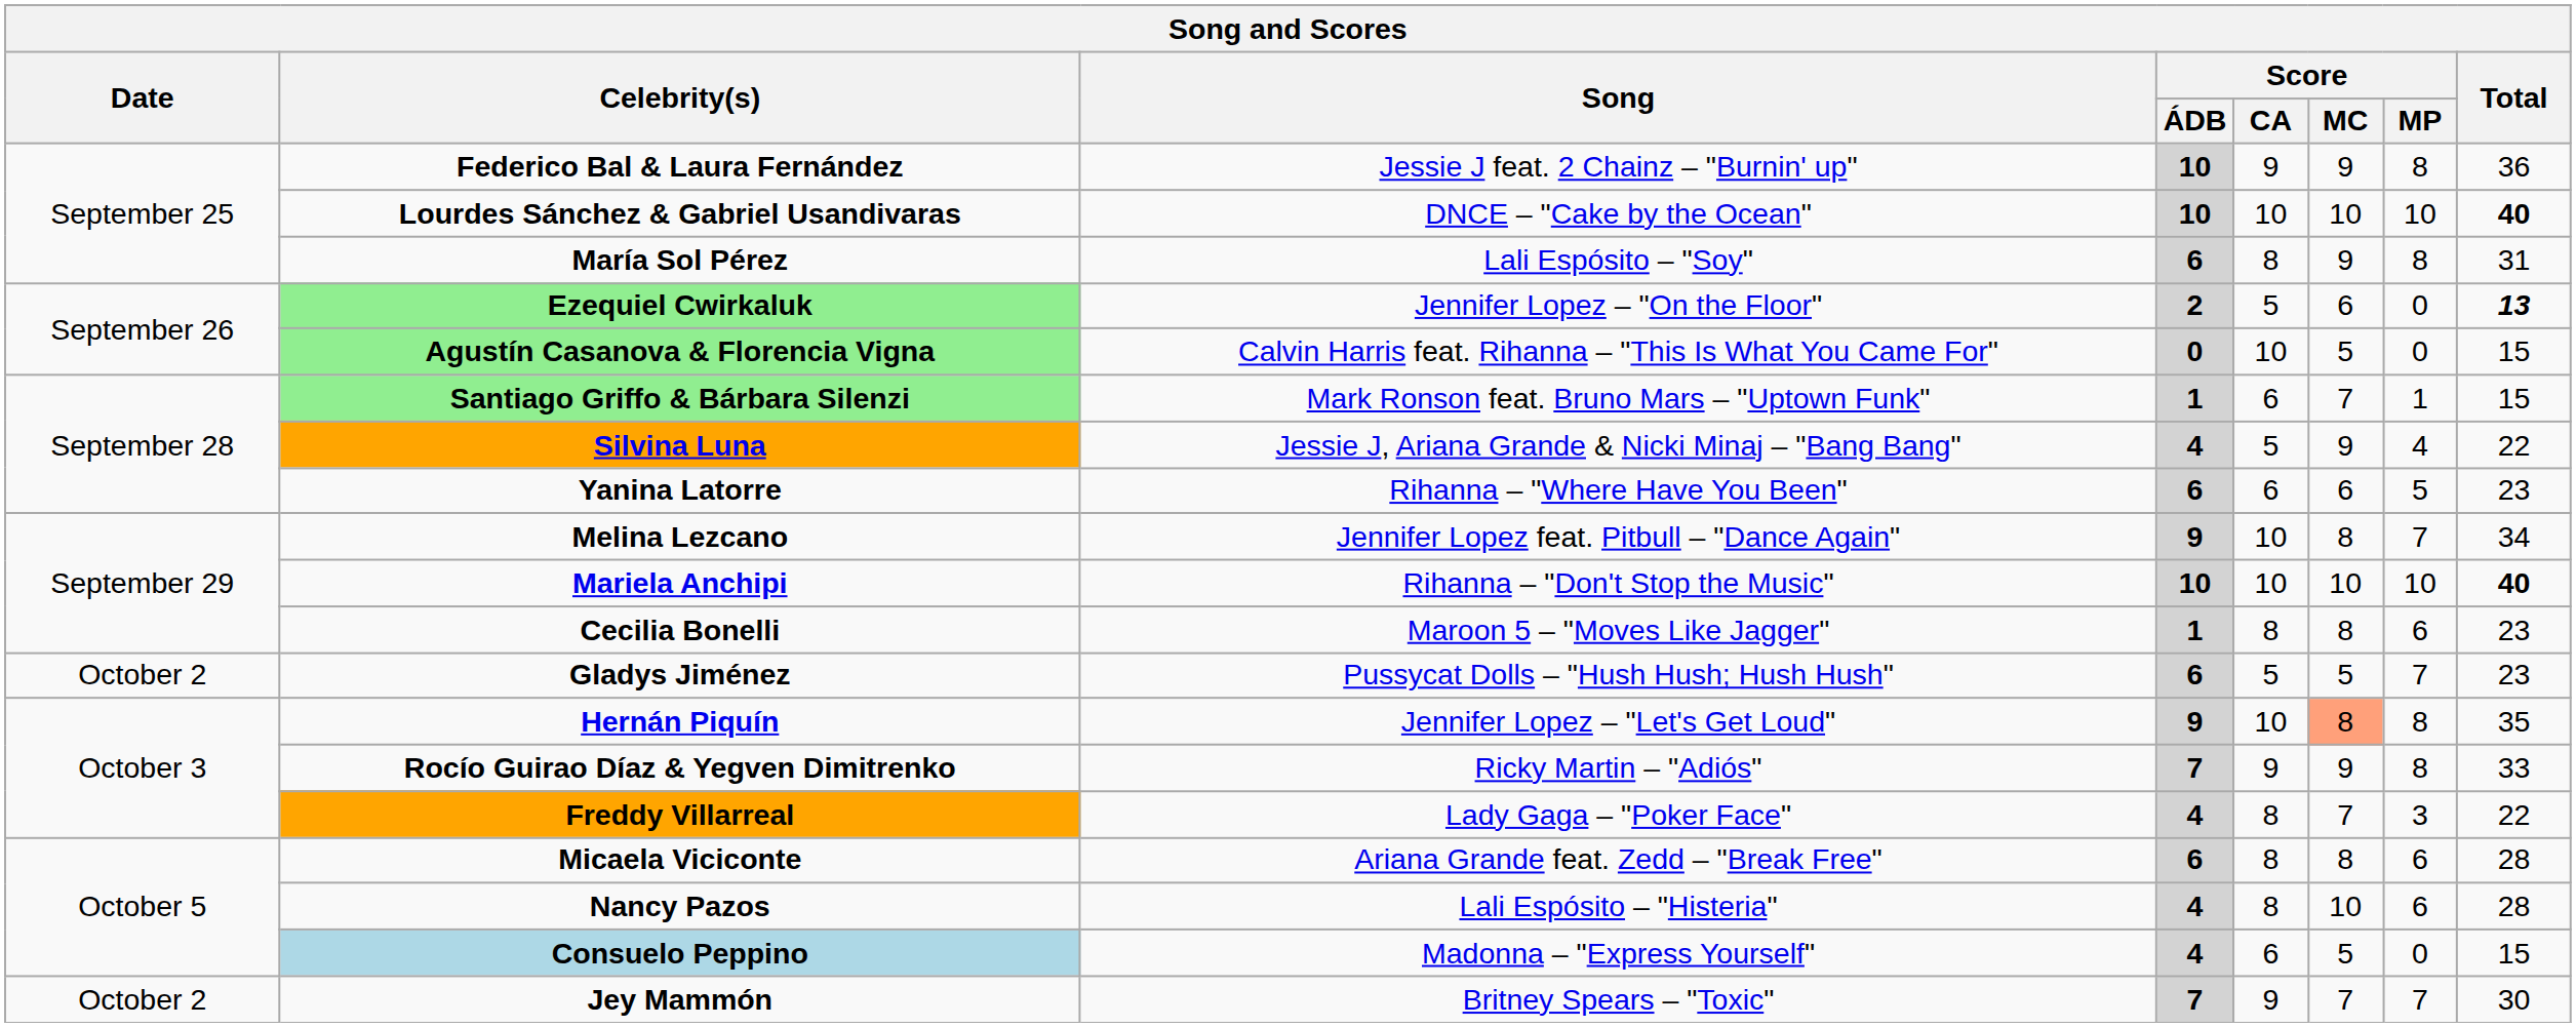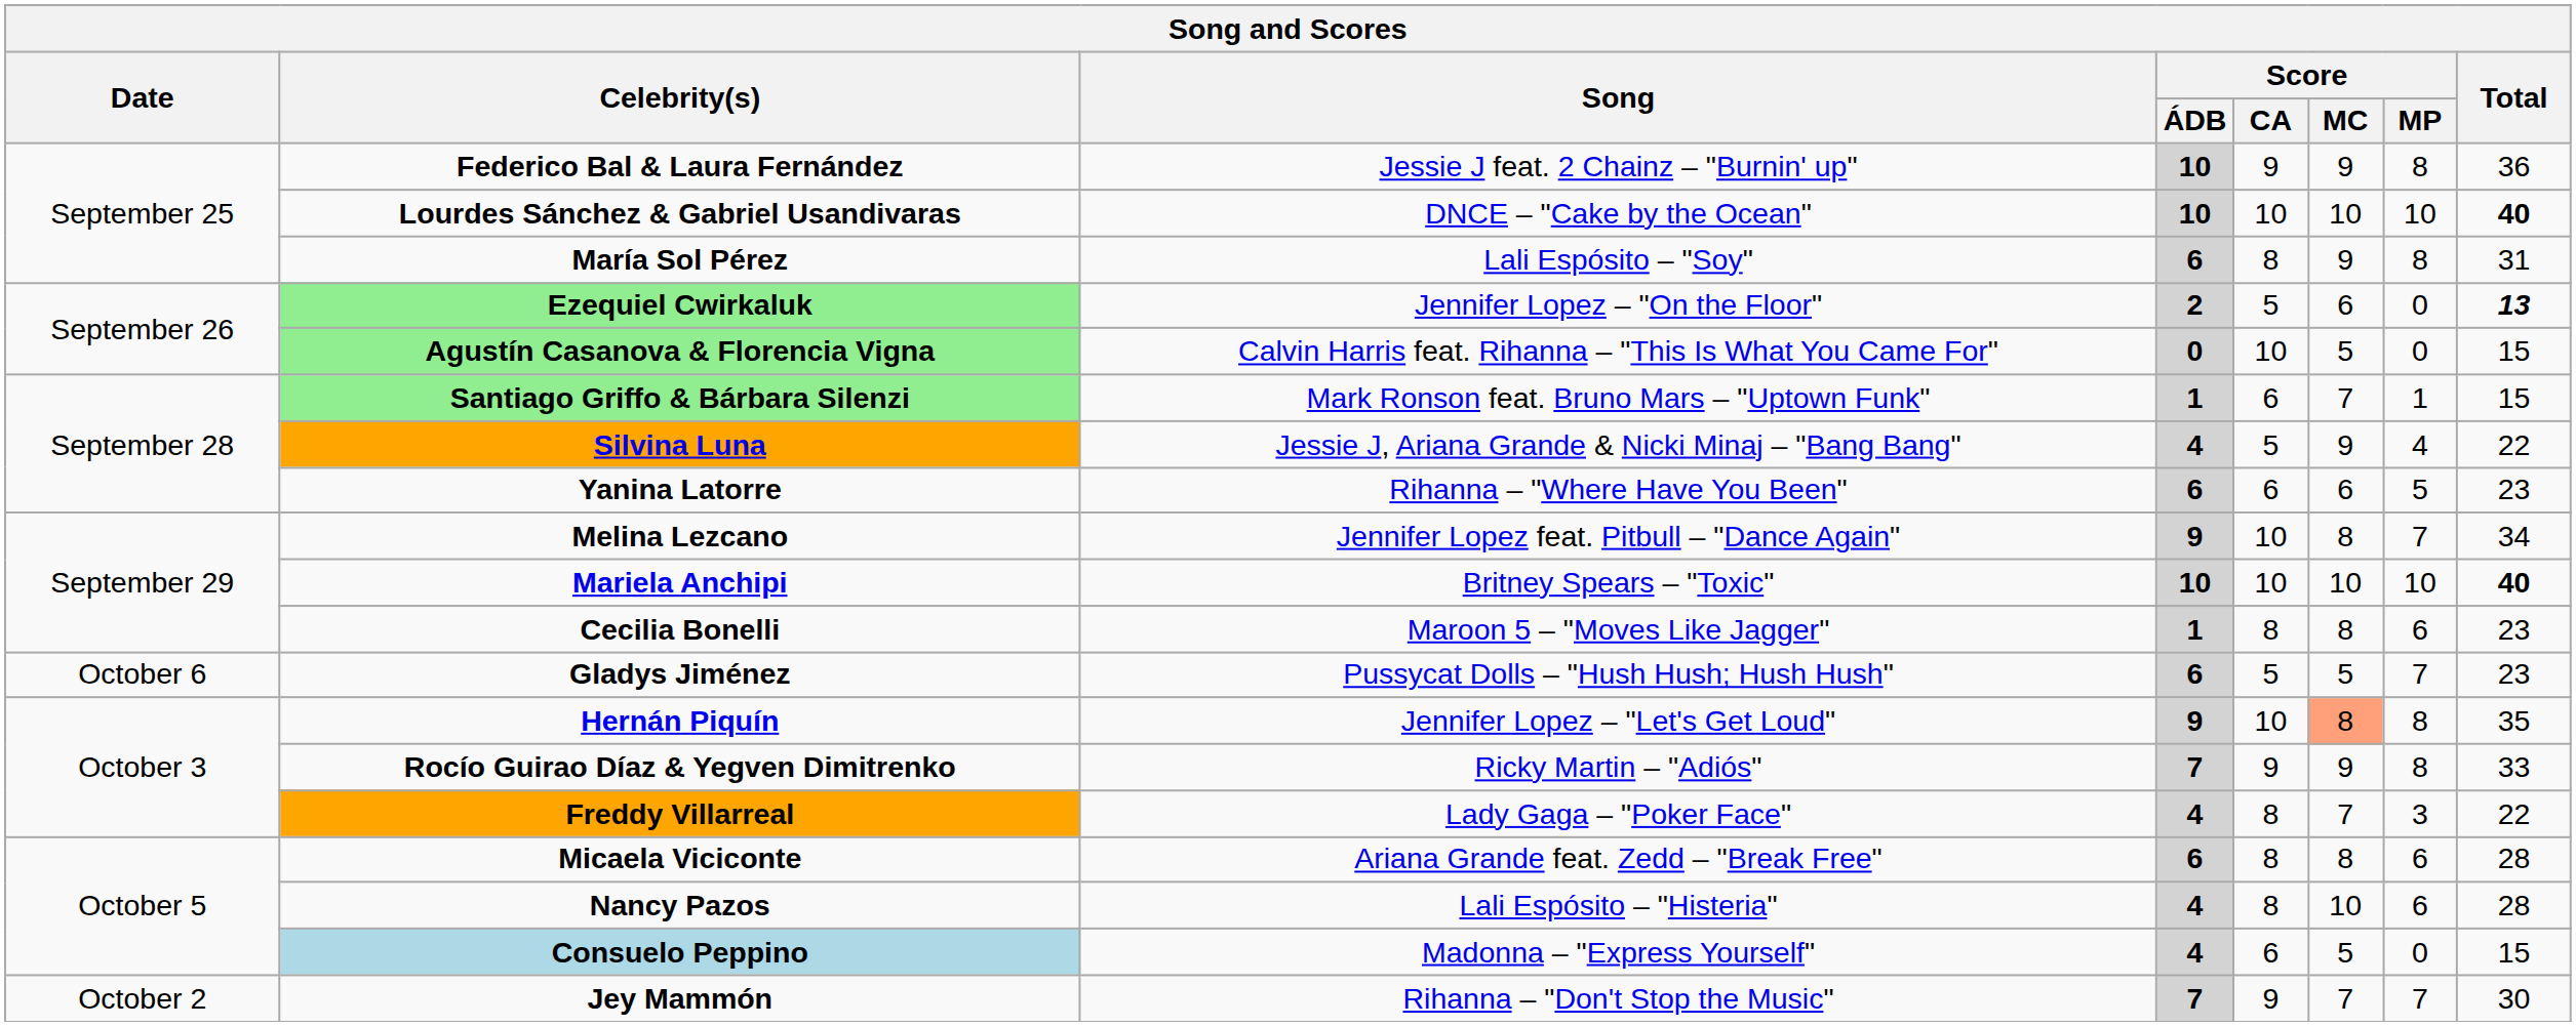 <table class="wikitable collapsible collapsed" style="font-size:90%; text-align: center; width: 100%;">
 <tr>
 <th colspan="11" style="with: 100%;" align=center>Song and Scores</th>
 </tr>
 <tr>
 <th rowspan="2">Date</th>
 <th rowspan="2">Celebrity(s)</th>
 <th rowspan="2">Song</th>
 <th colspan="4">Score</th>
 <th rowspan="2">Total</th>
 </tr>
 <tr>
 <th width=30>ÁDB</th>
 <th width=30>CA</th>
 <th width=30>MC</th>
 <th width=30>MP</th>
 </tr>
 <tr>
 <td rowspan="3">September 25</td>
 <td bgcolor=""><strong>Federico Bal & Laura Fernández</strong></td>
 <td><a href='#'>Jessie J</a> feat. <a href='#'>2 Chainz</a> – "<a href='#'>Burnin' up</a>"</td>
 <td bgcolor="lightgrey"><strong>10</strong></td>
 <td>9</td>
 <td>9</td>
 <td>8</td>
 <td>36</td>
 </tr>
 <tr>
 <td bgcolor=""><strong>Lourdes Sánchez & Gabriel Usandivaras</strong></td>
 <td><a href='#'>DNCE</a> – "<a href='#'>Cake by the Ocean</a>"</td>
 <td bgcolor="lightgrey"><strong>10</strong></td>
 <td>10</td>
 <td>10</td>
 <td>10</td>
 <td><span><strong>40</strong></span></td>
 </tr>
 <tr>
 <td bgcolor=""><strong>María Sol Pérez</strong></td>
 <td><a href='#'>Lali Espósito</a> – "<a href='#'>Soy</a>"</td>
 <td bgcolor="lightgrey"><strong>6</strong></td>
 <td>8</td>
 <td>9</td>
 <td>8</td>
 <td>31</td>
 </tr>
 <tr>
 <td rowspan="2">September 26</td>
 <td bgcolor="lightgreen"><strong>Ezequiel Cwirkaluk</strong></td>
 <td><a href='#'>Jennifer Lopez</a> – "<a href='#'>On the Floor</a>"</td>
 <td bgcolor="lightgrey"><strong>2</strong></td>
 <td>5</td>
 <td>6</td>
 <td>0</td>
 <td><span><strong><em>13</em></strong></span></td>
 </tr>
 <tr>
 <td bgcolor="lightgreen"><strong>Agustín Casanova & Florencia Vigna</strong></td>
 <td><a href='#'>Calvin Harris</a> feat. <a href='#'>Rihanna</a> – "<a href='#'>This Is What You Came For</a>"</td>
 <td bgcolor="lightgrey"><strong>0</strong></td>
 <td>10</td>
 <td>5</td>
 <td>0</td>
 <td>15</td>
 </tr>
 <tr>
 <td rowspan="3">September 28</td>
 <td bgcolor="lightgreen"><strong>Santiago Griffo & Bárbara Silenzi</strong></td>
 <td><a href='#'>Mark Ronson</a> feat. <a href='#'>Bruno Mars</a> – "<a href='#'>Uptown Funk</a>"</td>
 <td bgcolor="lightgrey"><strong>1</strong></td>
 <td>6</td>
 <td>7</td>
 <td>1</td>
 <td>15</td>
 </tr>
 <tr>
 <td bgcolor="orange"><strong><a href='#'>Silvina Luna</a></strong></td>
 <td><a href='#'>Jessie J</a>, <a href='#'>Ariana Grande</a> & <a href='#'>Nicki Minaj</a> – "<a href='#'>Bang Bang</a>"</td>
 <td bgcolor="lightgrey"><strong>4</strong></td>
 <td>5</td>
 <td>9</td>
 <td>4</td>
 <td>22</td>
 </tr>
 <tr>
 <td bgcolor=""><strong>Yanina Latorre</strong></td>
 <td><a href='#'>Rihanna</a> – "<a href='#'>Where Have You Been</a>"</td>
 <td bgcolor="lightgrey"><strong>6</strong></td>
 <td>6</td>
 <td>6</td>
 <td>5</td>
 <td>23</td>
 </tr>
 <tr>
 <td rowspan="3">September 29</td>
 <td bgcolor=""><strong>Melina Lezcano</strong></td>
 <td><a href='#'>Jennifer Lopez</a> feat. <a href='#'>Pitbull</a> – "<a href='#'>Dance Again</a>"</td>
 <td bgcolor="lightgrey"><strong>9</strong></td>
 <td>10</td>
 <td>8</td>
 <td>7</td>
 <td>34</td>
 </tr>
 <tr>
 <td bgcolor=""><strong><a href='#'>Mariela Anchipi</a></strong></td>
-<td><a href='#'>Rihanna</a> – "<a href='#'>Don't Stop the Music</a>"</td>
+<td><a href='#'>Britney Spears</a> – "<a href='#'>Toxic</a>"</td>
 <td bgcolor="lightgrey"><strong>10</strong></td>
 <td>10</td>
 <td>10</td>
 <td>10</td>
 <td><span><strong>40</strong></span></td>
 </tr>
 <tr>
 <td bgcolor=""><strong>Cecilia Bonelli</strong></td>
 <td><a href='#'>Maroon 5</a> – "<a href='#'>Moves Like Jagger</a>"</td>
 <td bgcolor="lightgrey"><strong>1</strong></td>
 <td>8</td>
 <td>8</td>
 <td>6</td>
 <td>23</td>
 </tr>
 <tr>
-<td rowspan="1">October 2</td>
+<td rowspan="1">October 6</td>
 <td bgcolor=""><strong>Gladys Jiménez</strong></td>
 <td><a href='#'>Pussycat Dolls</a> – "<a href='#'>Hush Hush; Hush Hush</a>"</td>
 <td bgcolor="lightgrey"><strong>6</strong></td>
 <td>5</td>
 <td>5</td>
 <td>7</td>
 <td>23</td>
 </tr>
 <tr>
 <td rowspan="3">October 3</td>
 <td bgcolor=""><strong><a href='#'>Hernán Piquín</a></strong></td>
 <td><a href='#'>Jennifer Lopez</a> – "<a href='#'>Let's Get Loud</a>"</td>
 <td bgcolor="lightgrey"><strong>9</strong></td>
 <td>10</td>
 <td style="background: lightsalmon;">8</td>
 <td>8</td>
 <td>35</td>
 </tr>
 <tr>
 <td bgcolor=""><strong>Rocío Guirao Díaz & Yegven Dimitrenko</strong></td>
 <td><a href='#'>Ricky Martin</a> – "<a href='#'>Adiós</a>"</td>
 <td bgcolor="lightgrey"><strong>7</strong></td>
 <td>9</td>
 <td>9</td>
 <td>8</td>
 <td>33</td>
 </tr>
 <tr>
 <td bgcolor="orange"><strong>Freddy Villarreal</strong></td>
 <td><a href='#'>Lady Gaga</a> – "<a href='#'>Poker Face</a>"</td>
 <td bgcolor="lightgrey"><strong>4</strong></td>
 <td>8</td>
 <td>7</td>
 <td>3</td>
 <td>22</td>
 </tr>
 <tr>
 <td rowspan="3">October 5</td>
 <td bgcolor=""><strong>Micaela Viciconte</strong></td>
 <td><a href='#'>Ariana Grande</a> feat. <a href='#'>Zedd</a> – "<a href='#'>Break Free</a>"</td>
 <td bgcolor="lightgrey"><strong>6</strong></td>
 <td>8</td>
 <td>8</td>
 <td>6</td>
 <td>28</td>
 </tr>
 <tr>
 <td bgcolor=""><strong>Nancy Pazos</strong></td>
 <td><a href='#'>Lali Espósito</a> – "<a href='#'>Histeria</a>"</td>
 <td bgcolor="lightgrey"><strong>4</strong></td>
 <td>8</td>
 <td>10</td>
 <td>6</td>
 <td>28</td>
 </tr>
 <tr>
 <td bgcolor="lightblue"><strong>Consuelo Peppino</strong></td>
 <td><a href='#'>Madonna</a> – "<a href='#'>Express Yourself</a>"</td>
 <td bgcolor="lightgrey"><strong>4</strong></td>
 <td>6</td>
 <td>5</td>
 <td>0</td>
 <td>15</td>
 </tr>
 <tr>
 <td rowspan="1">October 2</td>
 <td bgcolor=""><strong>Jey Mammón</strong></td>
-<td><a href='#'>Britney Spears</a> – "<a href='#'>Toxic</a>"</td>
+<td><a href='#'>Rihanna</a> – "<a href='#'>Don't Stop the Music</a>"</td>
 <td bgcolor="lightgrey"><strong>7</strong></td>
 <td>9</td>
 <td>7</td>
 <td>7</td>
 <td>30</td>
 </tr>
 </table>
